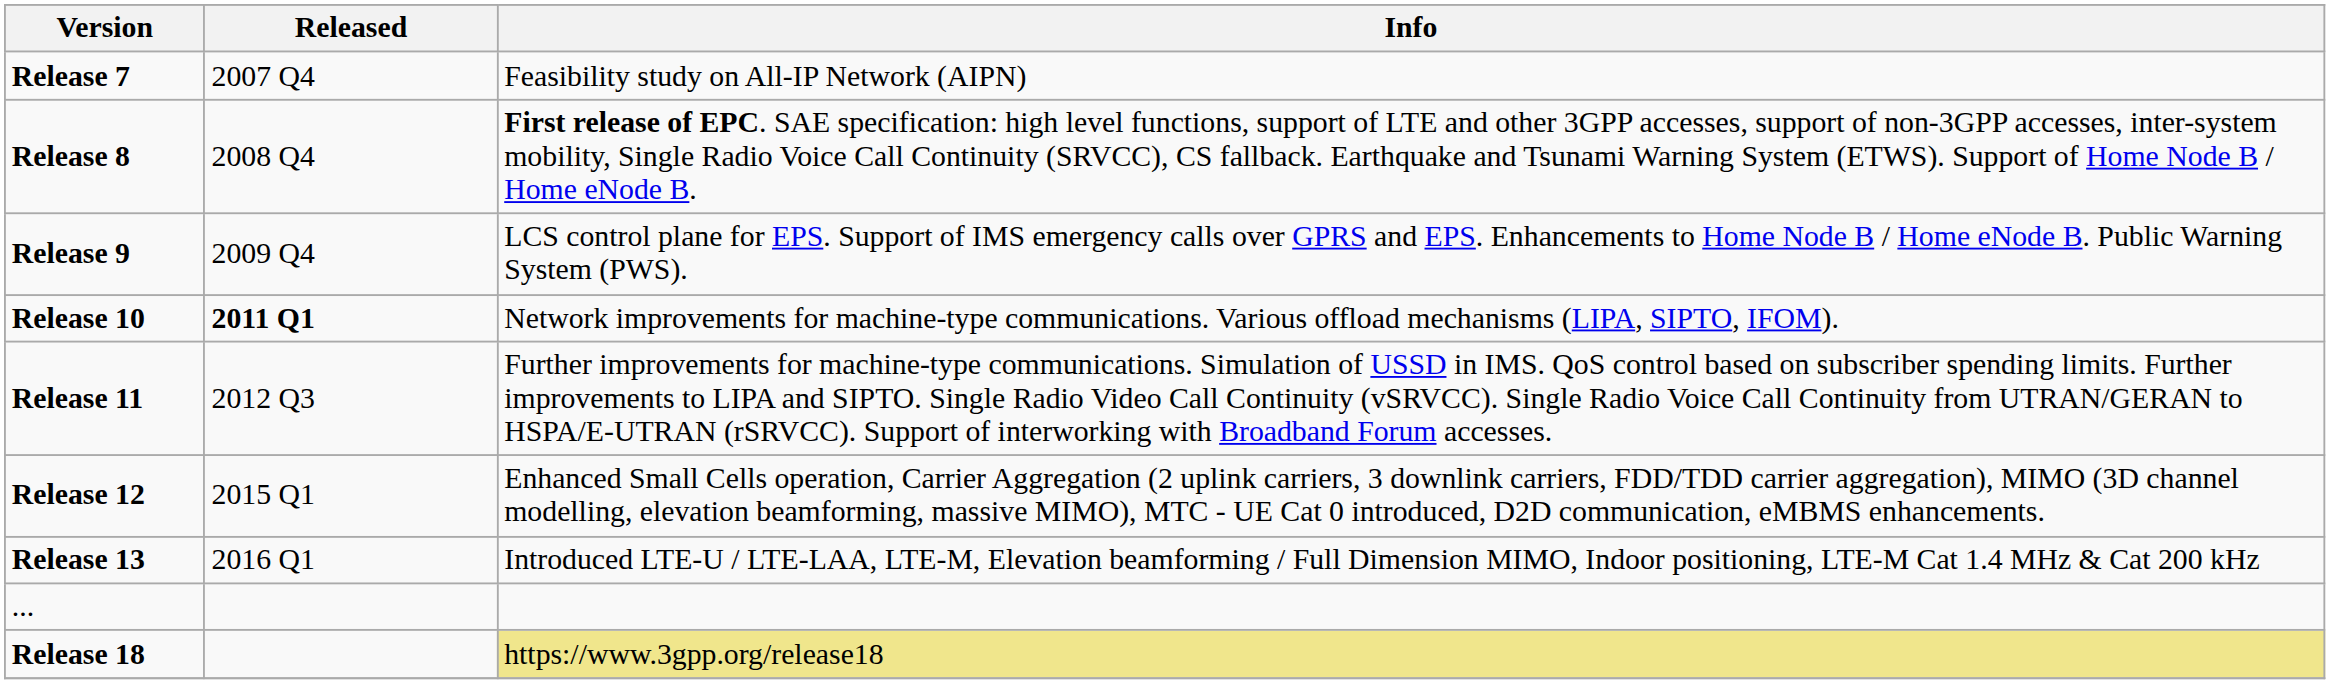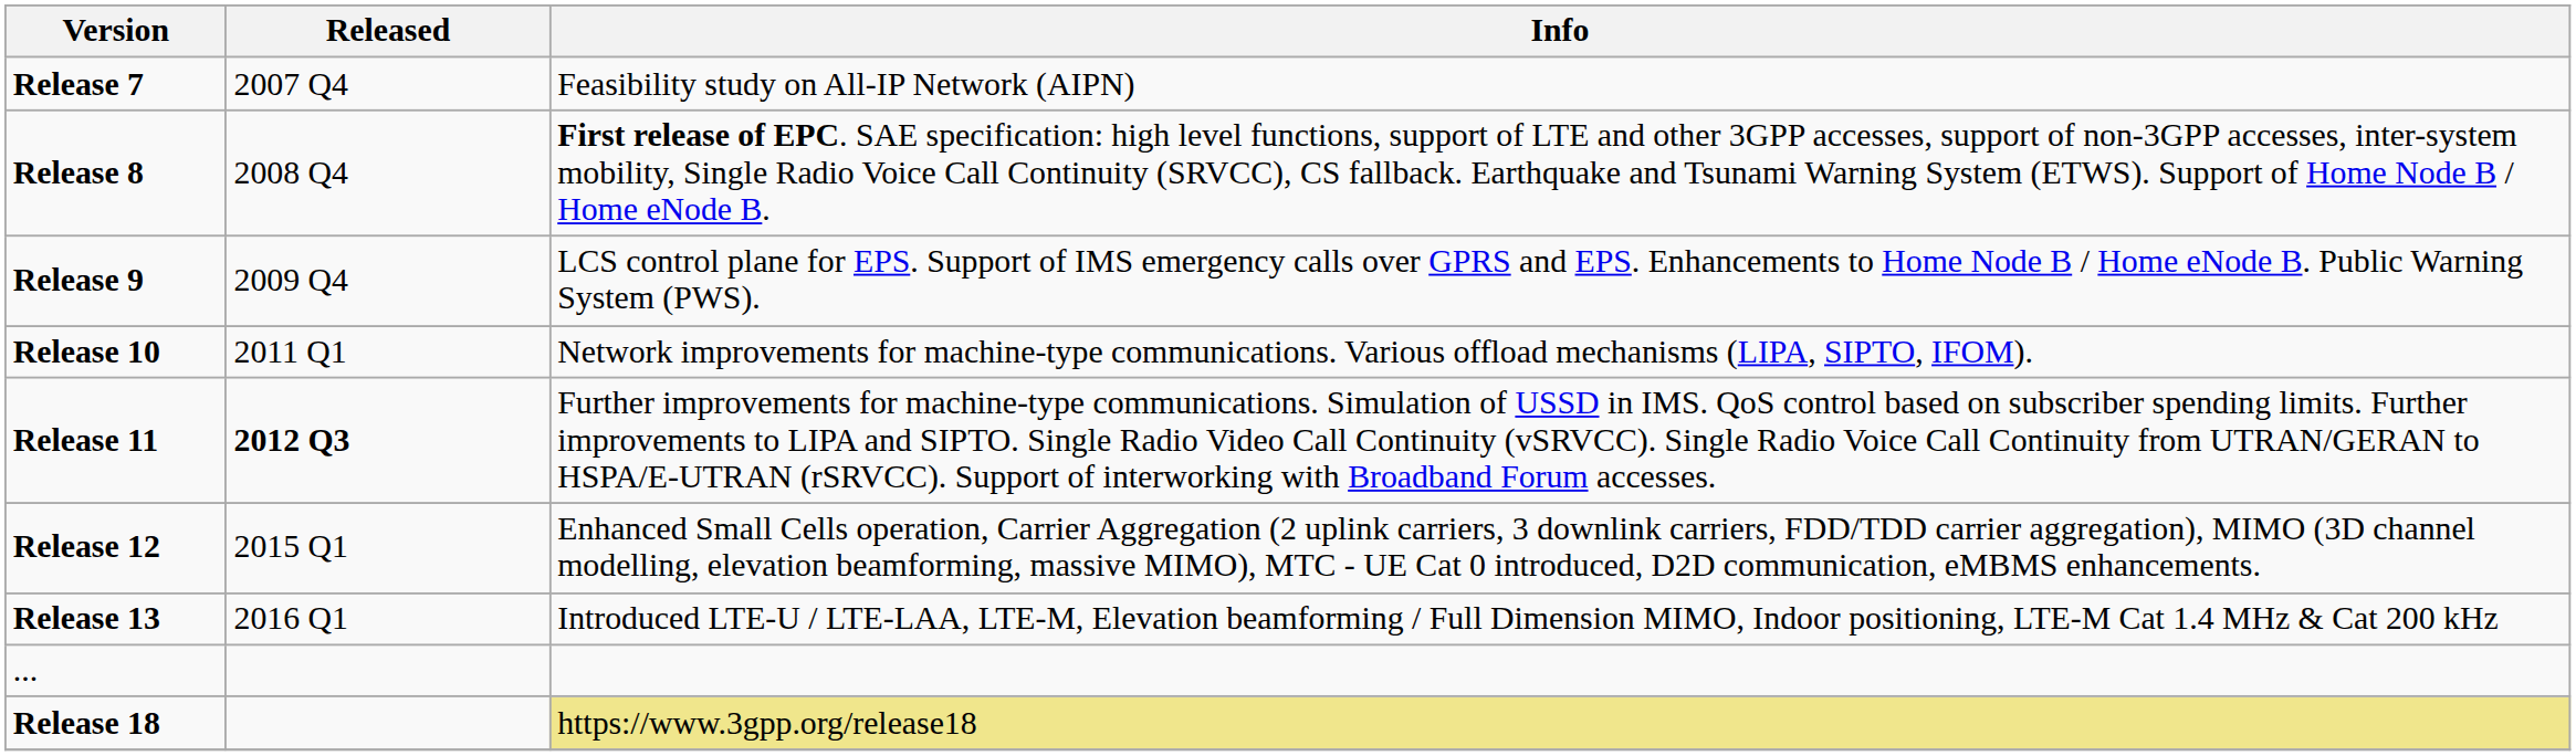 <table class="wikitable">
 <tr>
 <th width="100">Version</th>
 <th width="150">Released</th>
 <th>Info</th>
 </tr>
 <tr>
 <td><strong>Release 7</strong></td>
 <td>2007 Q4</td>
 <td>Feasibility study on All-IP Network (AIPN)</td>
 </tr>
 <tr>
 <td><strong>Release 8</strong></td>
 <td>2008 Q4</td>
 <td><strong>First release of EPC</strong>. SAE specification: high level functions, support of LTE and other 3GPP accesses, support of non-3GPP accesses, inter-system mobility, Single Radio Voice Call Continuity (SRVCC), CS fallback. Earthquake and Tsunami Warning System (ETWS). Support of <a href='#'>Home Node B</a> / <a href='#'>Home eNode B</a>.</td>
 </tr>
 <tr>
 <td><strong>Release 9</strong></td>
 <td>2009 Q4</td>
 <td>LCS control plane for <a href='#'>EPS</a>. Support of IMS emergency calls over <a href='#'>GPRS</a> and <a href='#'>EPS</a>. Enhancements to <a href='#'>Home Node B</a> / <a href='#'>Home eNode B</a>. Public Warning System (PWS).</td>
 </tr>
 <tr>
 <td><strong>Release 10</strong></td>
-<td><strong>2011 Q1</strong></td>
+<td>2011 Q1</td>
 <td>Network improvements for machine-type communications. Various offload mechanisms (<a href='#'>LIPA</a>, <a href='#'>SIPTO</a>, <a href='#'>IFOM</a>).</td>
 </tr>
 <tr>
 <td><strong>Release 11</strong></td>
-<td>2012 Q3</td>
+<td><strong>2012 Q3</strong></td>
 <td>Further improvements for machine-type communications. Simulation of <a href='#'>USSD</a> in IMS. QoS control based on subscriber spending limits. Further improvements to LIPA and SIPTO. Single Radio Video Call Continuity (vSRVCC). Single Radio Voice Call Continuity from UTRAN/GERAN to HSPA/E-UTRAN (rSRVCC). Support of interworking with <a href='#'>Broadband Forum</a> accesses.</td>
 </tr>
 <tr>
 <td><strong>Release 12</strong></td>
 <td>2015 Q1</td>
 <td>Enhanced Small Cells operation, Carrier Aggregation (2 uplink carriers, 3 downlink carriers, FDD/TDD carrier aggregation), MIMO (3D channel modelling, elevation beamforming, massive MIMO), MTC - UE Cat 0 introduced, D2D communication, eMBMS enhancements.</td>
 </tr>
 <tr>
 <td><strong>Release 13</strong></td>
 <td>2016 Q1</td>
 <td>Introduced LTE-U / LTE-LAA, LTE-M, Elevation beamforming / Full Dimension MIMO, Indoor positioning, LTE-M Cat 1.4 MHz & Cat 200 kHz</td>
 </tr>
 <tr>
 <td>...</td>
 <td></td>
 <td></td>
 </tr>
 <tr>
 <td><strong>Release 18</strong></td>
 <td></td>
 <td style="background: khaki;">https://www.3gpp.org/release18</td>
 </tr>
 <tr>
 </tr>
 </table>
